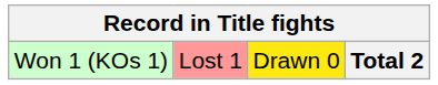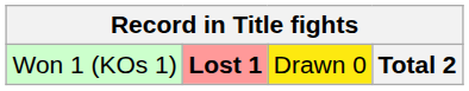 <table class="wikitable" style="margin:1em auto; text-align:center">
 <tr>
 <th colspan="4">Record in Title fights</th>
 </tr>
 <tr>
 <td bgcolor=CCFFCC>Won 1 (KOs 1)</td>
-<td bgcolor=FF9999>Lost 1</td>
+<td bgcolor=FF9999><strong>Lost 1</strong></td>
 <td bgcolor=FDE910>Drawn 0</td>
 <th>Total 2</th>
 </tr>
 </table>
